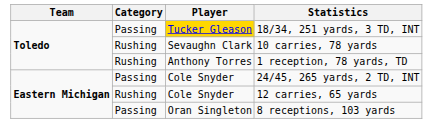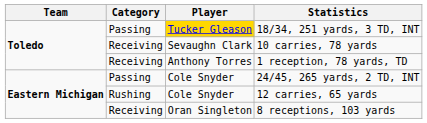 <table class="wikitable" style="float: right;">
 <tr>
 <th>Team</th>
 <th>Category</th>
 <th>Player</th>
 <th>Statistics</th>
 </tr>
 <tr>
 <td rowspan=3><strong>Toledo</strong></td>
 <td>Passing</td>
 <td style="background: gold;"><a href='#'>Tucker Gleason</a></td>
 <td>18/34, 251 yards, 3 TD, INT</td>
 </tr>
 <tr>
-<td>Rushing</td>
+<td>Receiving</td>
 <td>Sevaughn Clark</td>
 <td>10 carries, 78 yards</td>
 </tr>
 <tr>
-<td>Rushing</td>
+<td>Receiving</td>
 <td>Anthony Torres</td>
 <td>1 reception, 78 yards, TD</td>
 </tr>
 <tr>
 <td rowspan=3><strong>Eastern Michigan</strong></td>
 <td>Passing</td>
 <td>Cole Snyder</td>
 <td>24/45, 265 yards, 2 TD, INT</td>
 </tr>
 <tr>
 <td>Rushing</td>
 <td>Cole Snyder</td>
 <td>12 carries, 65 yards</td>
 </tr>
 <tr>
-<td>Passing</td>
+<td>Receiving</td>
 <td>Oran Singleton</td>
 <td>8 receptions, 103 yards</td>
 </tr>
 </table>
